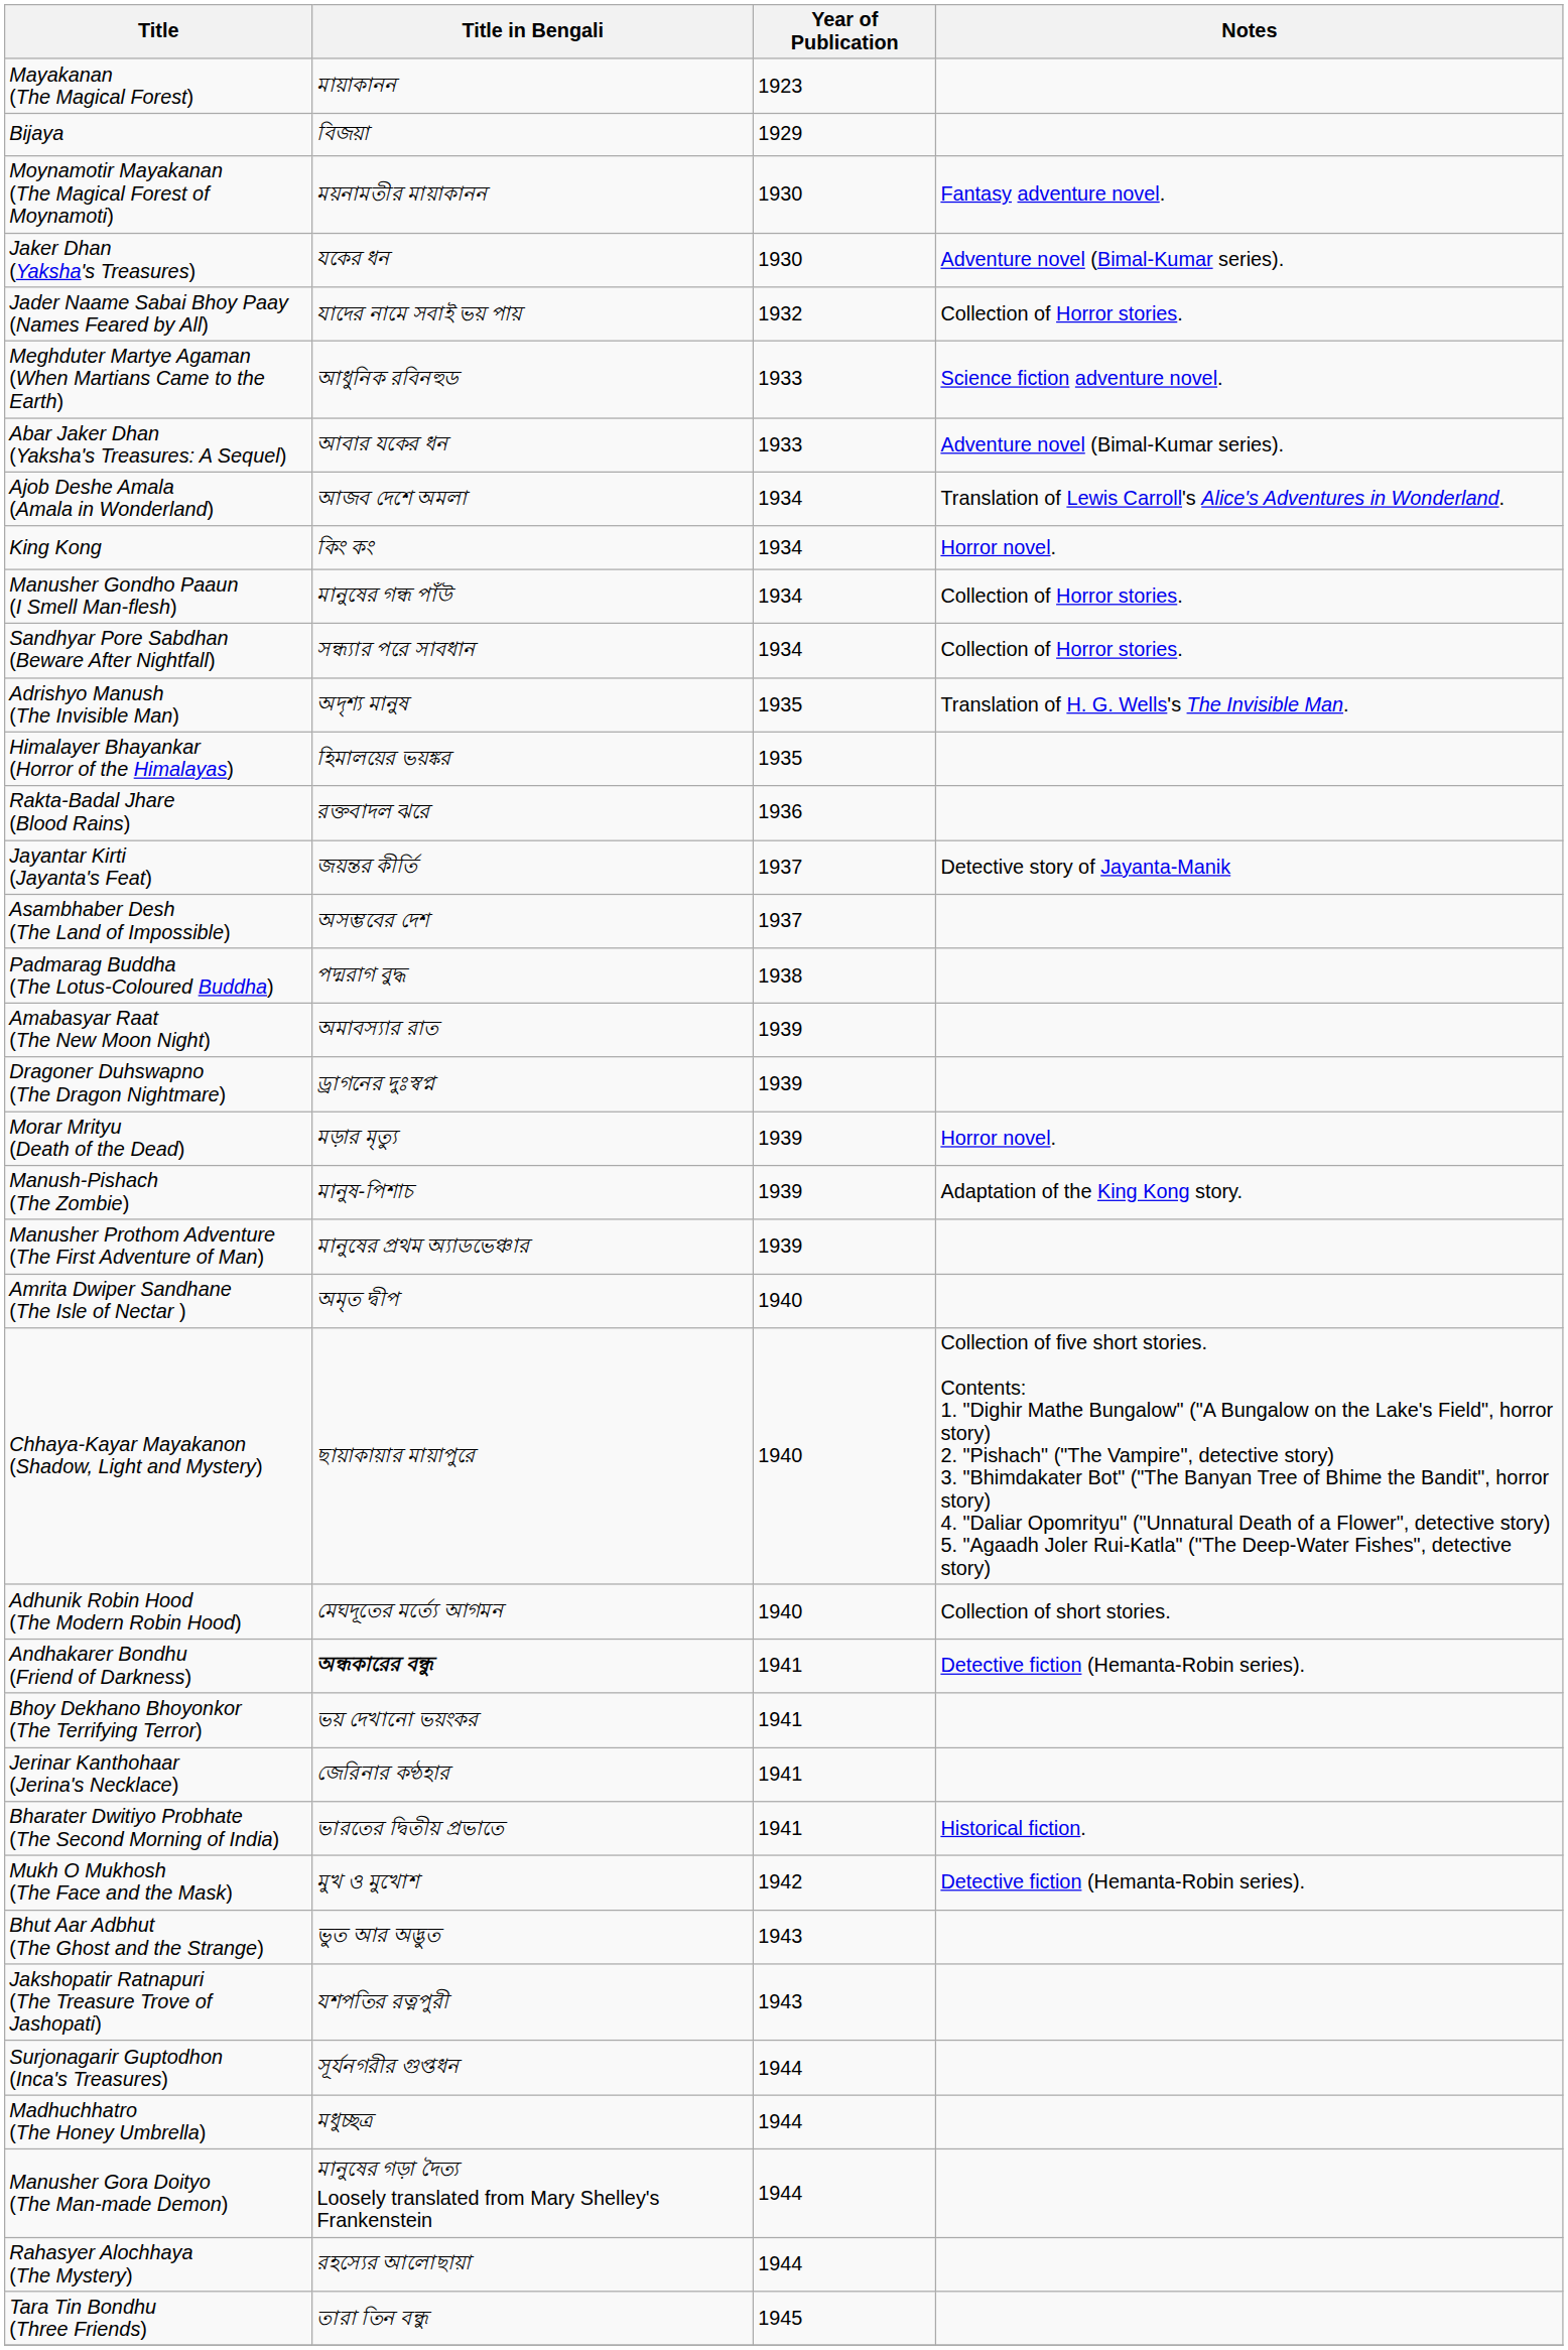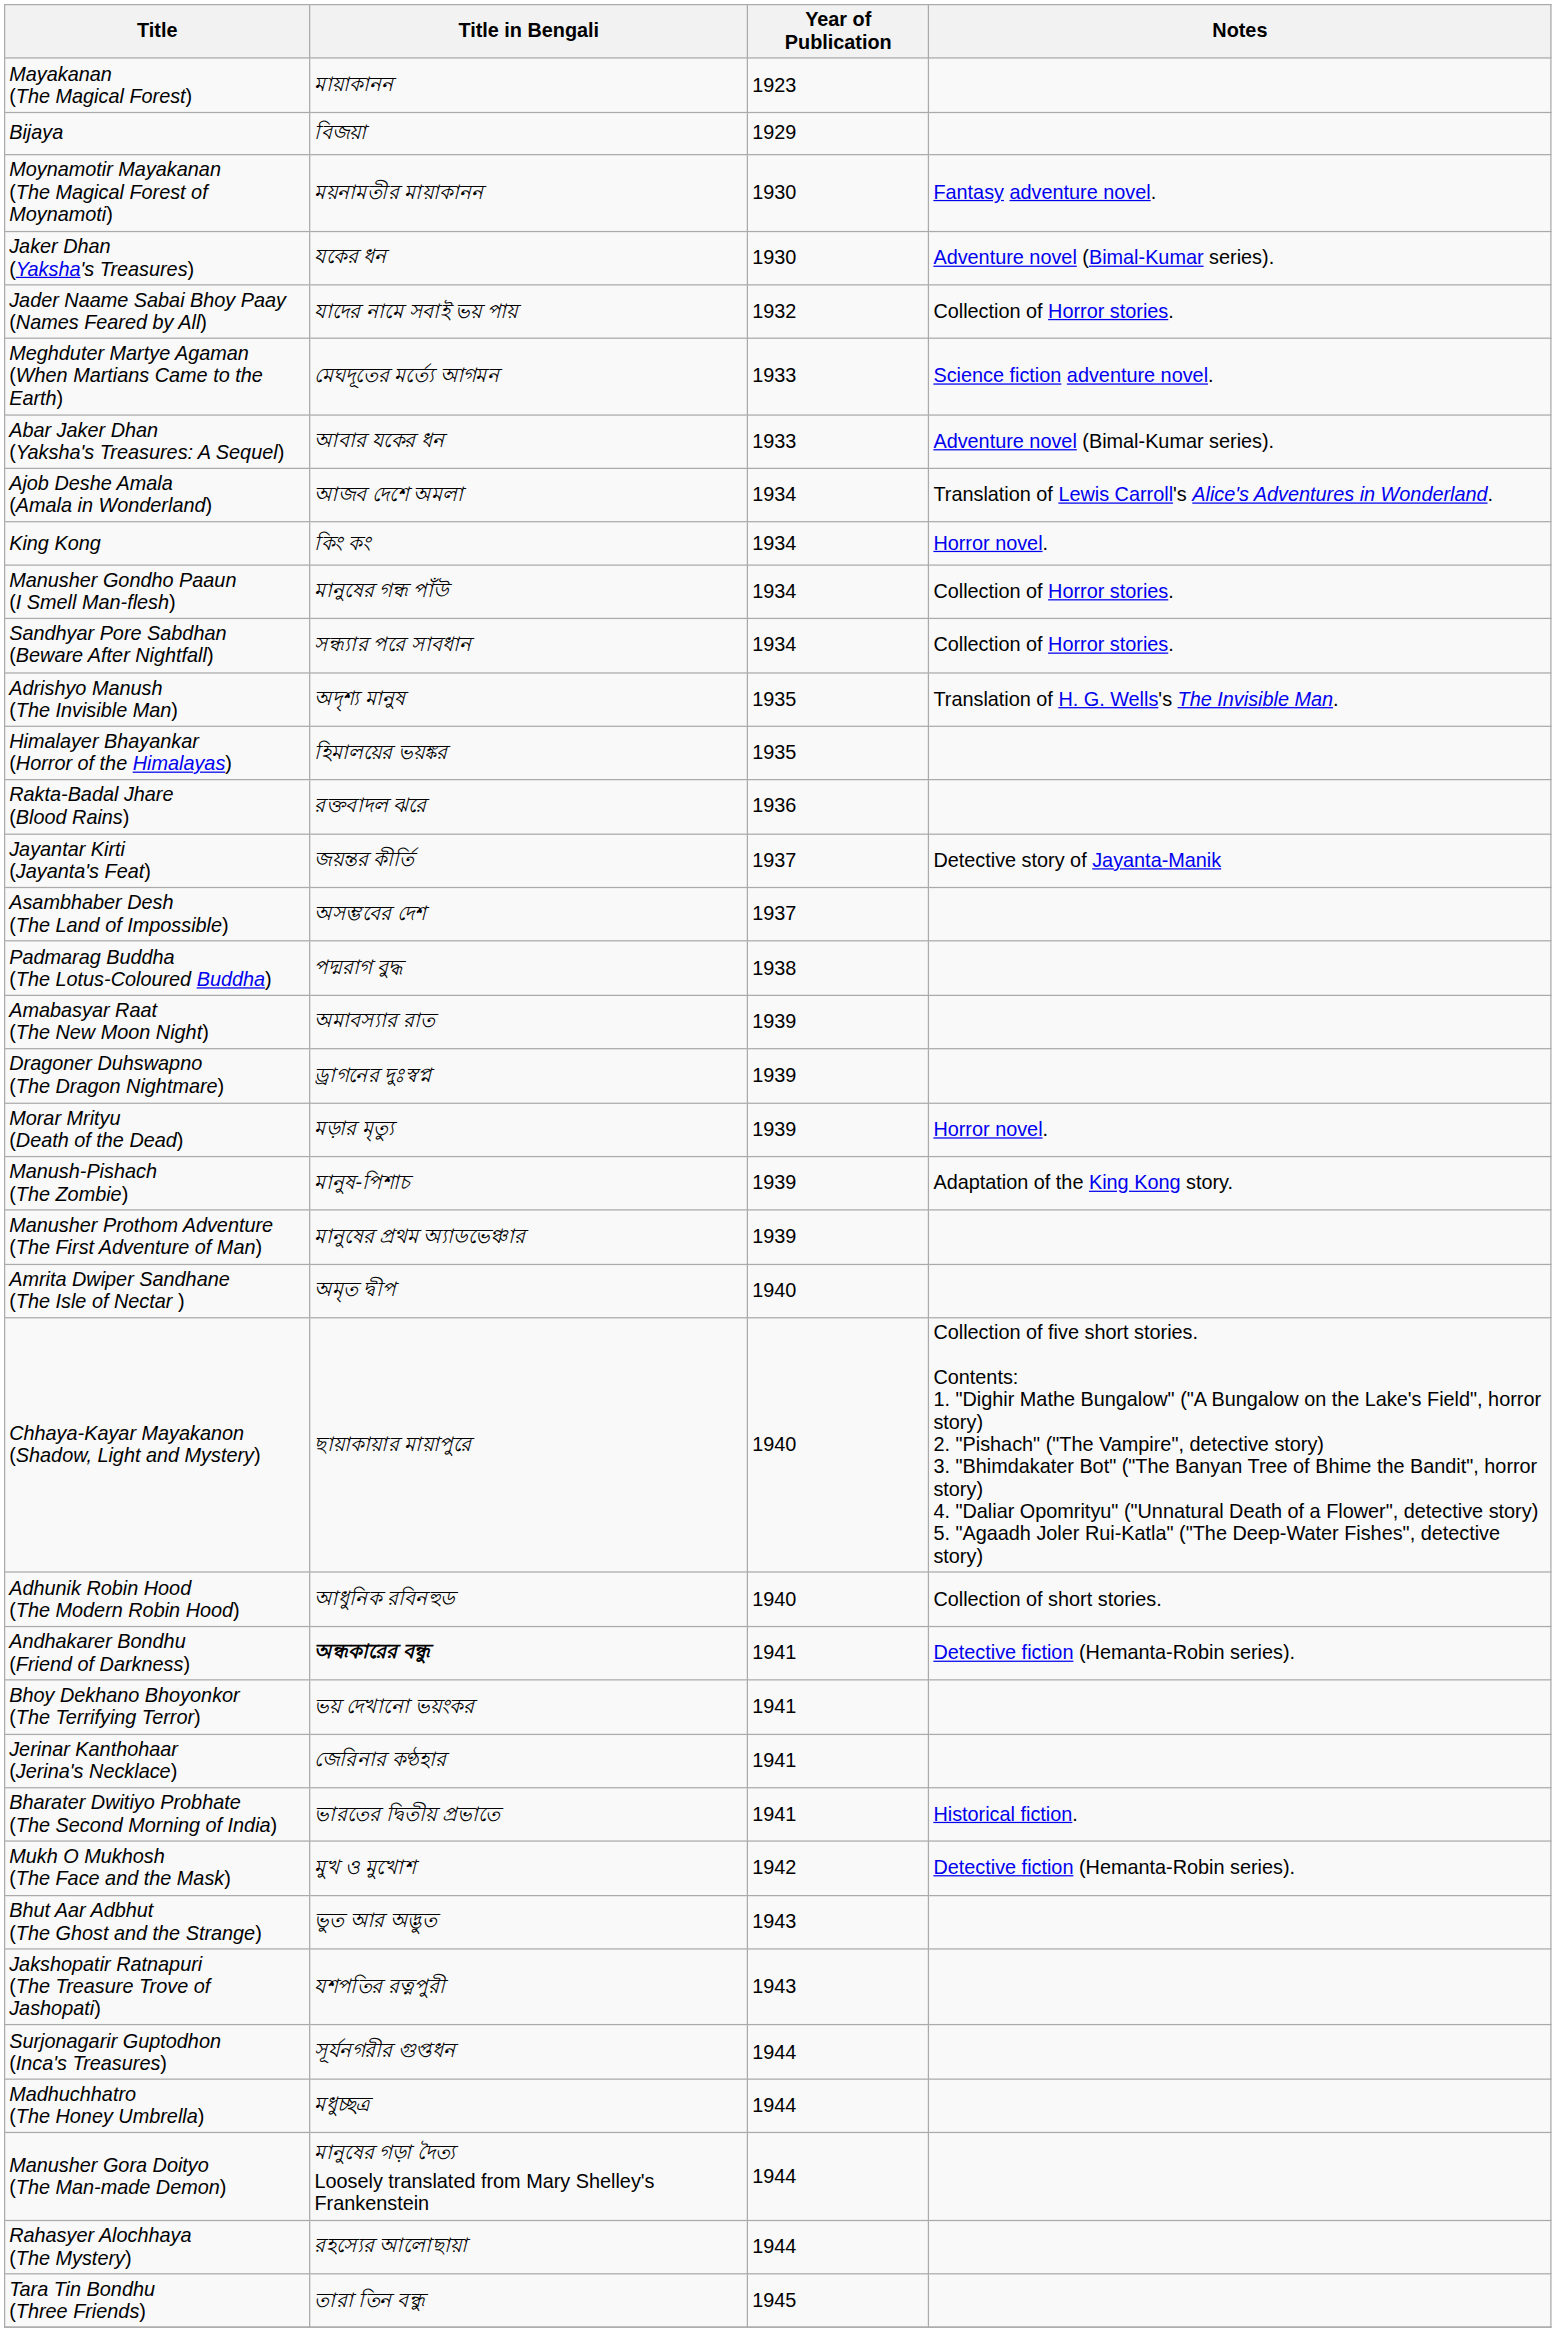 <table class="wikitable sortable">
 <tr>
 <th>Title</th>
 <th>Title in Bengali</th>
 <th>Year of Publication</th>
 <th>Notes</th>
 </tr>
 <tr>
 <td><em>Mayakanan</em><br>(<em>The Magical Forest</em>)</td>
 <td><em>মায়াকানন</em></td>
 <td>1923</td>
 <td></td>
 </tr>
 <tr>
 <td><em>Bijaya</em></td>
 <td><em>বিজয়া</em></td>
 <td>1929</td>
 <td></td>
 </tr>
 <tr>
 <td><em>Moynamotir Mayakanan</em><br>(<em>The Magical Forest of Moynamoti</em>)</td>
 <td><em>ময়নামতীর মায়াকানন</em></td>
 <td>1930</td>
 <td><a href='#'>Fantasy</a> <a href='#'>adventure novel</a>.</td>
 </tr>
 <tr>
 <td><em>Jaker Dhan</em><br>(<em><a href='#'>Yaksha</a>'s Treasures</em>)</td>
 <td><em>যকের ধন</em></td>
 <td>1930</td>
 <td><a href='#'>Adventure novel</a> (<a href='#'>Bimal-Kumar</a> series).</td>
 </tr>
 <tr>
 <td><em>Jader Naame Sabai Bhoy Paay</em><br>(<em>Names Feared by All</em>)</td>
 <td><em>যাদের নামে সবাই ভয় পায়</em></td>
 <td>1932</td>
 <td>Collection of <a href='#'>Horror stories</a>.</td>
 </tr>
 <tr>
 <td><em>Meghduter Martye Agaman</em><br>(<em>When Martians Came to the Earth</em>)</td>
-<td><em>আধুনিক রবিনহুড</em></td>
+<td><em>মেঘদূতের মর্ত্যে আগমন</em></td>
 <td>1933</td>
 <td><a href='#'>Science fiction</a> <a href='#'>adventure novel</a>.</td>
 </tr>
 <tr>
 <td><em>Abar Jaker Dhan</em><br>(<em>Yaksha's Treasures: A Sequel</em>)</td>
 <td><em>আবার যকের ধন</em></td>
 <td>1933</td>
 <td><a href='#'>Adventure novel</a> (Bimal-Kumar series).</td>
 </tr>
 <tr>
 <td><em>Ajob Deshe Amala</em><br>(<em>Amala in Wonderland</em>)</td>
 <td><em>আজব দেশে অমলা</em></td>
 <td>1934</td>
 <td>Translation of <a href='#'>Lewis Carroll</a>'s <em><a href='#'>Alice's Adventures in Wonderland</a></em>.</td>
 </tr>
 <tr>
 <td><em>King Kong</em></td>
 <td><em>কিং কং</em></td>
 <td>1934</td>
 <td><a href='#'>Horror novel</a>.</td>
 </tr>
 <tr>
 <td><em>Manusher Gondho Paaun</em><br>(<em>I Smell Man-flesh</em>)</td>
 <td><em>মানুষের গন্ধ পাঁউ</em></td>
 <td>1934</td>
 <td>Collection of <a href='#'>Horror stories</a>.</td>
 </tr>
 <tr>
 <td><em>Sandhyar Pore Sabdhan</em><br>(<em>Beware After Nightfall</em>)</td>
 <td><em>সন্ধ্যার পরে সাবধান</em></td>
 <td>1934</td>
 <td>Collection of <a href='#'>Horror stories</a>.</td>
 </tr>
 <tr>
 <td><em>Adrishyo Manush</em><br>(<em>The Invisible Man</em>)</td>
 <td><em>অদৃশ্য মানুষ</em></td>
 <td>1935</td>
 <td>Translation of <a href='#'>H. G. Wells</a>'s <em><a href='#'>The Invisible Man</a></em>.</td>
 </tr>
 <tr>
 <td><em>Himalayer Bhayankar</em><br>(<em>Horror of the <a href='#'>Himalayas</a></em>)</td>
 <td><em>হিমালয়ের ভয়ঙ্কর</em></td>
 <td>1935</td>
 <td></td>
 </tr>
 <tr>
 <td><em>Rakta-Badal Jhare</em><br>(<em>Blood Rains</em>)</td>
 <td><em>রক্তবাদল ঝরে</em></td>
 <td>1936</td>
 <td></td>
 </tr>
 <tr>
 <td><em>Jayantar Kirti</em><br>(<em>Jayanta's Feat</em>)</td>
 <td><em>জয়ন্তর কীর্তি</em></td>
 <td>1937</td>
 <td>Detective story of <a href='#'>Jayanta-Manik</a></td>
 </tr>
 <tr>
 <td><em>Asambhaber Desh</em><br>(<em>The Land of Impossible</em>)</td>
 <td><em>অসম্ভবের দেশ</em></td>
 <td>1937</td>
 <td></td>
 </tr>
 <tr>
 <td><em>Padmarag Buddha</em><br>(<em>The Lotus-Coloured <a href='#'>Buddha</a></em>)</td>
 <td><em>পদ্মরাগ বুদ্ধ</em></td>
 <td>1938</td>
 <td></td>
 </tr>
 <tr>
 <td><em>Amabasyar Raat</em><br>(<em>The New Moon Night</em>)</td>
 <td><em>অমাবস্যার রাত</em></td>
 <td>1939</td>
 <td></td>
 </tr>
 <tr>
 <td><em>Dragoner Duhswapno</em><br>(<em>The Dragon Nightmare</em>)</td>
 <td><em>ড্রাগনের দুঃস্বপ্ন</em></td>
 <td>1939</td>
 <td></td>
 </tr>
 <tr>
 <td><em>Morar Mrityu</em><br>(<em>Death of the Dead</em>)</td>
 <td><em>মড়ার মৃত্যু</em></td>
 <td>1939</td>
 <td><a href='#'>Horror novel</a>.</td>
 </tr>
 <tr>
 <td><em>Manush-Pishach</em><br>(<em>The Zombie</em>)</td>
 <td><em>মানুষ-পিশাচ</em></td>
 <td>1939</td>
 <td>Adaptation of the <a href='#'>King Kong</a> story.</td>
 </tr>
 <tr>
 <td><em>Manusher Prothom Adventure</em><br>(<em>The First Adventure of Man</em>)</td>
 <td><em>মানুষের প্রথম অ্যাডভেঞ্চার</em></td>
 <td>1939</td>
 <td></td>
 </tr>
 <tr>
 <td><em>Amrita Dwiper Sandhane</em><br>(<em>The Isle of Nectar </em>)</td>
 <td><em>অমৃত দ্বীপ</em></td>
 <td>1940</td>
 <td></td>
 </tr>
 <tr>
 <td><em>Chhaya-Kayar Mayakanon</em><br>(<em>Shadow, Light and Mystery</em>)</td>
 <td><em>ছায়াকায়ার মায়াপুরে</em></td>
 <td>1940</td>
 <td>Collection of five short stories.<br><br>Contents:<br> 1. "Dighir Mathe Bungalow" ("A Bungalow on the Lake's Field", horror story)<br> 2. "Pishach" ("The Vampire", detective story)<br> 3. "Bhimdakater Bot" ("The Banyan Tree of Bhime the Bandit", horror story)<br> 4. "Daliar Opomrityu" ("Unnatural Death of a Flower", detective story)<br> 5. "Agaadh Joler Rui-Katla" ("The Deep-Water Fishes", detective story)<br></td>
 </tr>
 <tr>
 <td><em>Adhunik Robin Hood</em><br>(<em>The Modern Robin Hood</em>)</td>
-<td><em>মেঘদূতের মর্ত্যে আগমন</em></td>
+<td><em>আধুনিক রবিনহুড</em></td>
 <td>1940</td>
 <td>Collection of short stories.</td>
 </tr>
 <tr>
 <td><em>Andhakarer Bondhu</em><br>(<em>Friend of Darkness</em>)</td>
 <td><strong><em>অন্ধকারের বন্ধু</em></strong></td>
 <td>1941</td>
 <td><a href='#'>Detective fiction</a> (Hemanta-Robin series).</td>
 </tr>
 <tr>
 <td><em>Bhoy Dekhano Bhoyonkor</em><br>(<em>The Terrifying Terror</em>)</td>
 <td><em>ভয় দেখানো ভয়ংকর</em></td>
 <td>1941</td>
 <td></td>
 </tr>
 <tr>
 <td><em>Jerinar Kanthohaar</em><br>(<em>Jerina's Necklace</em>)</td>
 <td><em>জেরিনার কণ্ঠহার</em></td>
 <td>1941</td>
 <td></td>
 </tr>
 <tr>
 <td><em>Bharater Dwitiyo Probhate</em><br>(<em>The Second Morning of India</em>)</td>
 <td><em>ভারতের দ্বিতীয় প্রভাতে</em></td>
 <td>1941</td>
 <td><a href='#'>Historical fiction</a>.</td>
 </tr>
 <tr>
 <td><em>Mukh O Mukhosh</em><br>(<em>The Face and the Mask</em>)</td>
 <td><em>মুখ ও মুখোশ</em></td>
 <td>1942</td>
 <td><a href='#'>Detective fiction</a> (Hemanta-Robin series).</td>
 </tr>
 <tr>
 <td><em>Bhut Aar Adbhut</em><br>(<em>The Ghost and the Strange</em>)</td>
 <td><em>ভুত আর অদ্ভুত</em></td>
 <td>1943</td>
 <td></td>
 </tr>
 <tr>
 <td><em>Jakshopatir Ratnapuri</em><br>(<em>The Treasure Trove of Jashopati</em>)</td>
 <td><em>যশপতির রত্নপুরী</em></td>
 <td>1943</td>
 <td></td>
 </tr>
 <tr>
 <td><em>Surjonagarir Guptodhon</em><br>(<em>Inca's Treasures</em>)</td>
 <td><em>সূর্যনগরীর গুপ্তধন</em></td>
 <td>1944</td>
 <td></td>
 </tr>
 <tr>
 <td><em>Madhuchhatro</em><br>(<em>The Honey Umbrella</em>)</td>
 <td><em>মধুচ্ছত্র</em></td>
 <td>1944</td>
 <td></td>
 </tr>
 <tr>
 <td><em>Manusher Gora Doityo</em><br>(<em>The Man-made Demon</em>)</td>
 <td><em>মানুষের গড়া দৈত্য</em><br>Loosely translated from Mary Shelley's Frankenstein</td>
 <td>1944</td>
 <td></td>
 </tr>
 <tr>
 <td><em>Rahasyer Alochhaya</em><br>(<em>The Mystery</em>)</td>
 <td><em>রহস্যের আলোছায়া</em></td>
 <td>1944</td>
 <td></td>
 </tr>
 <tr>
 <td><em>Tara Tin Bondhu</em><br>(<em>Three Friends</em>)</td>
 <td><em>তারা তিন বন্ধু</em></td>
 <td>1945</td>
 <td></td>
 </tr>
 <tr>
 </tr>
 </table>
